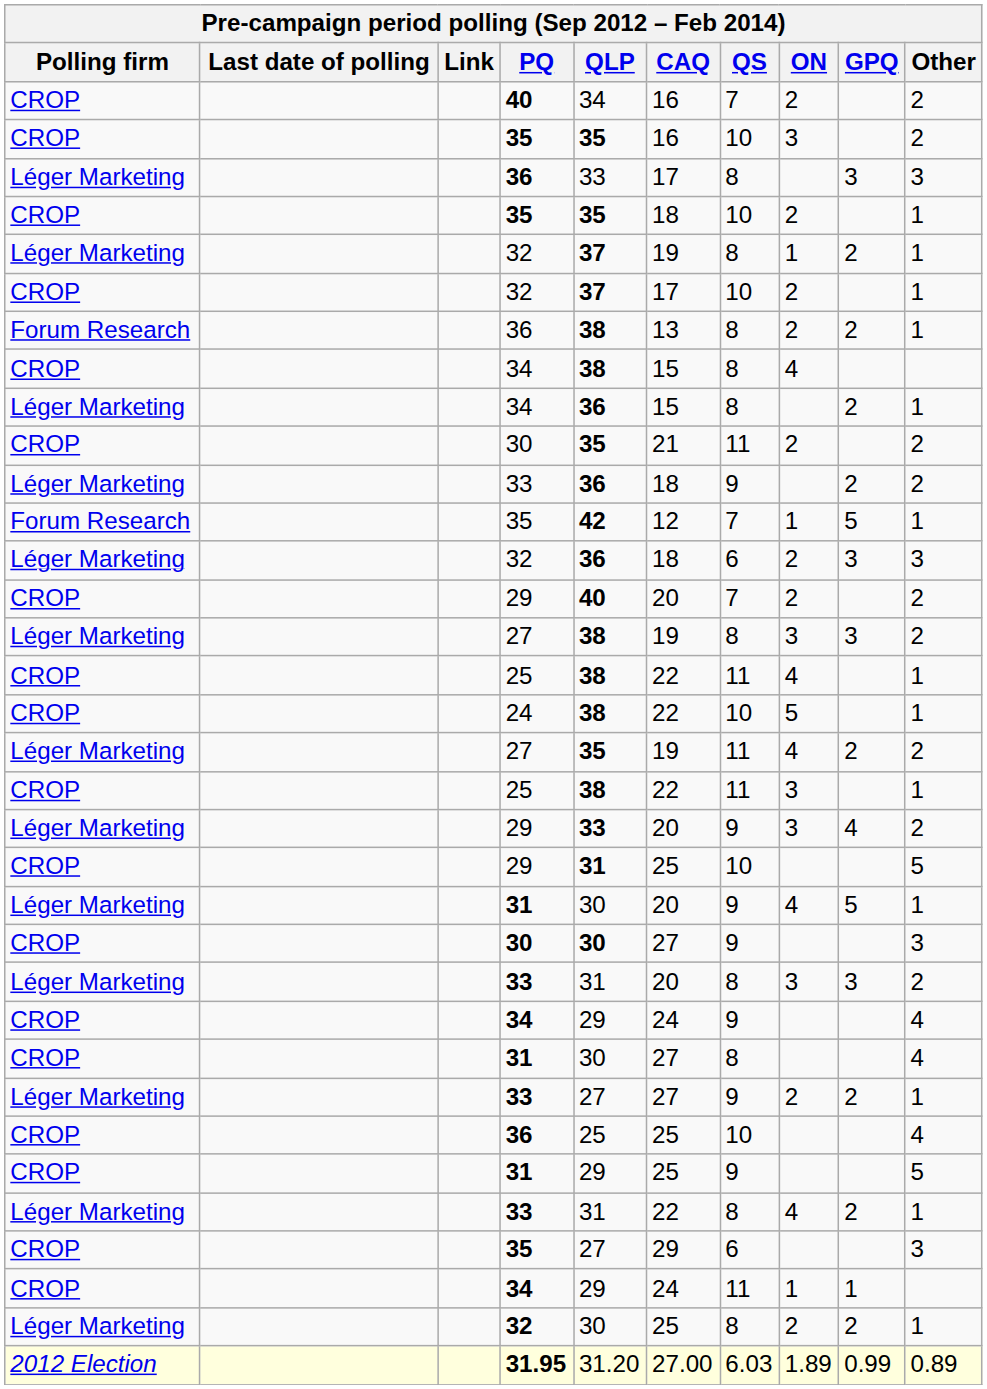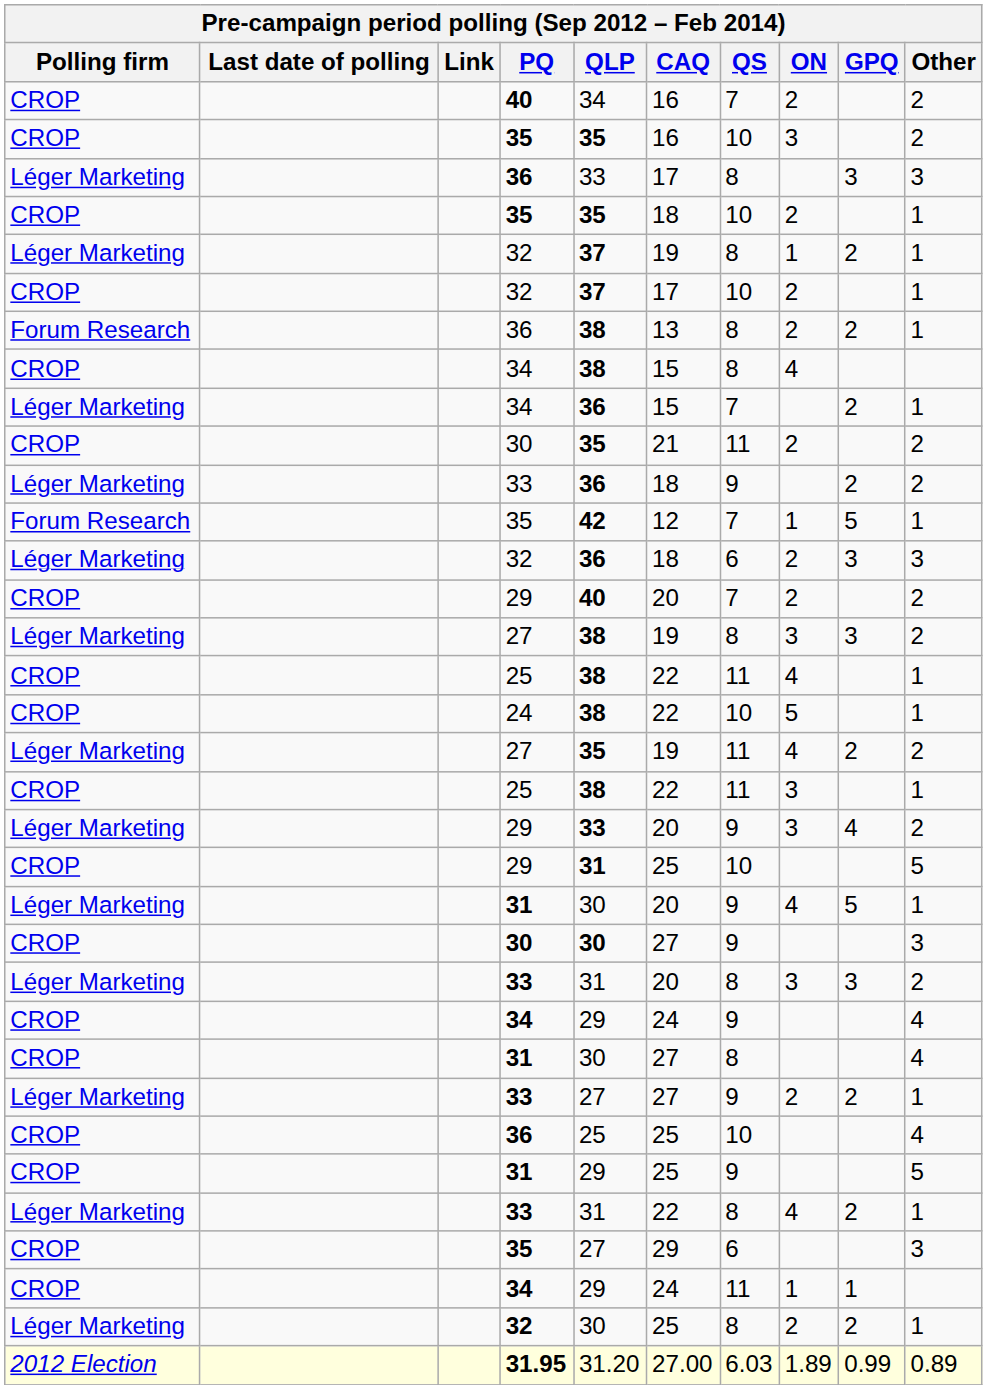 <table class="wikitable collapsible sortable collapsed">
 <tr style="background:#e9e9e9;">
 <th width=640px, colspan="10">Pre-campaign period polling (Sep 2012 – Feb 2014)</th>
 </tr>
 <tr style="background:#e9e9e9;">
 <th>Polling firm</th>
 <th>Last date of polling</th>
 <th class="unsortable">Link</th>
 <th style="background-color:"><a href='#'>PQ</a></th>
 <th style="background-color:"><a href='#'>QLP</a></th>
 <th style="background-color:"><a href='#'>CAQ</a></th>
 <th style="background-color:"><a href='#'>QS</a></th>
 <th style="background-color:"><a href='#'>ON</a></th>
 <th style="background-color:"><a href='#'>GPQ</a></th>
 <th style="background-color:">Other</th>
 </tr>
 <tr>
 <td><a href='#'>CROP</a></td>
 <td></td>
 <td></td>
 <td><strong>40</strong></td>
 <td>34</td>
 <td>16</td>
 <td>7</td>
 <td>2</td>
 <td></td>
 <td>2</td>
 </tr>
 <tr>
 <td><a href='#'>CROP</a></td>
 <td></td>
 <td></td>
 <td><strong>35</strong></td>
 <td><strong>35</strong></td>
 <td>16</td>
 <td>10</td>
 <td>3</td>
 <td></td>
 <td>2</td>
 </tr>
 <tr>
 <td><a href='#'>Léger Marketing</a></td>
 <td></td>
 <td></td>
 <td><strong>36</strong></td>
 <td>33</td>
 <td>17</td>
 <td>8</td>
 <td></td>
 <td>3</td>
 <td>3</td>
 </tr>
 <tr>
 <td><a href='#'>CROP</a></td>
 <td></td>
 <td></td>
 <td><strong>35</strong></td>
 <td><strong>35</strong></td>
 <td>18</td>
 <td>10</td>
 <td>2</td>
 <td></td>
 <td>1</td>
 </tr>
 <tr>
 <td><a href='#'>Léger Marketing</a></td>
 <td></td>
 <td></td>
 <td>32</td>
 <td><strong>37</strong></td>
 <td>19</td>
 <td>8</td>
 <td>1</td>
 <td>2</td>
 <td>1</td>
 </tr>
 <tr>
 <td><a href='#'>CROP</a></td>
 <td></td>
 <td></td>
 <td>32</td>
 <td><strong>37</strong></td>
 <td>17</td>
 <td>10</td>
 <td>2</td>
 <td></td>
 <td>1</td>
 </tr>
 <tr>
 <td><a href='#'>Forum Research</a></td>
 <td></td>
 <td></td>
 <td>36</td>
 <td><strong>38</strong></td>
 <td>13</td>
 <td>8</td>
 <td>2</td>
 <td>2</td>
 <td>1</td>
 </tr>
 <tr>
 <td><a href='#'>CROP</a></td>
 <td></td>
 <td></td>
 <td>34</td>
 <td><strong>38</strong></td>
 <td>15</td>
 <td>8</td>
 <td>4</td>
 <td></td>
 <td></td>
 </tr>
 <tr>
 <td><a href='#'>Léger Marketing</a></td>
 <td></td>
 <td></td>
 <td>34</td>
 <td><strong>36</strong></td>
 <td>15</td>
-<td>8</td>
+<td>7</td>
 <td></td>
 <td>2</td>
 <td>1</td>
 </tr>
 <tr>
 <td><a href='#'>CROP</a></td>
 <td></td>
 <td></td>
 <td>30</td>
 <td><strong>35</strong></td>
 <td>21</td>
 <td>11</td>
 <td>2</td>
 <td></td>
 <td>2</td>
 </tr>
 <tr>
 <td><a href='#'>Léger Marketing</a></td>
 <td></td>
 <td></td>
 <td>33</td>
 <td><strong>36</strong></td>
 <td>18</td>
 <td>9</td>
 <td></td>
 <td>2</td>
 <td>2</td>
 </tr>
 <tr>
 <td><a href='#'>Forum Research</a></td>
 <td></td>
 <td></td>
 <td>35</td>
 <td><strong>42</strong></td>
 <td>12</td>
 <td>7</td>
 <td>1</td>
 <td>5</td>
 <td>1</td>
 </tr>
 <tr>
 <td><a href='#'>Léger Marketing</a></td>
 <td></td>
 <td></td>
 <td>32</td>
 <td><strong>36</strong></td>
 <td>18</td>
 <td>6</td>
 <td>2</td>
 <td>3</td>
 <td>3</td>
 </tr>
 <tr>
 <td><a href='#'>CROP</a></td>
 <td></td>
 <td></td>
 <td>29</td>
 <td><strong>40</strong></td>
 <td>20</td>
 <td>7</td>
 <td>2</td>
 <td></td>
 <td>2</td>
 </tr>
 <tr>
 <td><a href='#'>Léger Marketing</a></td>
 <td></td>
 <td></td>
 <td>27</td>
 <td><strong>38</strong></td>
 <td>19</td>
 <td>8</td>
 <td>3</td>
 <td>3</td>
 <td>2</td>
 </tr>
 <tr>
 <td><a href='#'>CROP</a></td>
 <td></td>
 <td></td>
 <td>25</td>
 <td><strong>38</strong></td>
 <td>22</td>
 <td>11</td>
 <td>4</td>
 <td></td>
 <td>1</td>
 </tr>
 <tr>
 <td><a href='#'>CROP</a></td>
 <td></td>
 <td></td>
 <td>24</td>
 <td><strong>38</strong></td>
 <td>22</td>
 <td>10</td>
 <td>5</td>
 <td></td>
 <td>1</td>
 </tr>
 <tr>
 <td><a href='#'>Léger Marketing</a></td>
 <td></td>
 <td></td>
 <td>27</td>
 <td><strong>35</strong></td>
 <td>19</td>
 <td>11</td>
 <td>4</td>
 <td>2</td>
 <td>2</td>
 </tr>
 <tr>
 <td><a href='#'>CROP</a></td>
 <td></td>
 <td></td>
 <td>25</td>
 <td><strong>38</strong></td>
 <td>22</td>
 <td>11</td>
 <td>3</td>
 <td></td>
 <td>1</td>
 </tr>
 <tr>
 <td><a href='#'>Léger Marketing</a></td>
 <td></td>
 <td></td>
 <td>29</td>
 <td><strong>33</strong></td>
 <td>20</td>
 <td>9</td>
 <td>3</td>
 <td>4</td>
 <td>2</td>
 </tr>
 <tr>
 <td><a href='#'>CROP</a></td>
 <td></td>
 <td></td>
 <td>29</td>
 <td><strong>31</strong></td>
 <td>25</td>
 <td>10</td>
 <td></td>
 <td></td>
 <td>5</td>
 </tr>
 <tr>
 <td><a href='#'>Léger Marketing</a></td>
 <td></td>
 <td></td>
 <td><strong>31</strong></td>
 <td>30</td>
 <td>20</td>
 <td>9</td>
 <td>4</td>
 <td>5</td>
 <td>1</td>
 </tr>
 <tr>
 <td><a href='#'>CROP</a></td>
 <td></td>
 <td></td>
 <td><strong>30</strong></td>
 <td><strong>30</strong></td>
 <td>27</td>
 <td>9</td>
 <td></td>
 <td></td>
 <td>3</td>
 </tr>
 <tr>
 <td><a href='#'>Léger Marketing</a></td>
 <td></td>
 <td></td>
 <td><strong>33</strong></td>
 <td>31</td>
 <td>20</td>
 <td>8</td>
 <td>3</td>
 <td>3</td>
 <td>2</td>
 </tr>
 <tr>
 <td><a href='#'>CROP</a></td>
 <td></td>
 <td></td>
 <td><strong>34</strong></td>
 <td>29</td>
 <td>24</td>
 <td>9</td>
 <td></td>
 <td></td>
 <td>4</td>
 </tr>
 <tr>
 <td><a href='#'>CROP</a></td>
 <td></td>
 <td></td>
 <td><strong>31</strong></td>
 <td>30</td>
 <td>27</td>
 <td>8</td>
 <td></td>
 <td></td>
 <td>4</td>
 </tr>
 <tr>
 <td><a href='#'>Léger Marketing</a></td>
 <td></td>
 <td></td>
 <td><strong>33</strong></td>
 <td>27</td>
 <td>27</td>
 <td>9</td>
 <td>2</td>
 <td>2</td>
 <td>1</td>
 </tr>
 <tr>
 <td><a href='#'>CROP</a></td>
 <td></td>
 <td></td>
 <td><strong>36</strong></td>
 <td>25</td>
 <td>25</td>
 <td>10</td>
 <td></td>
 <td></td>
 <td>4</td>
 </tr>
 <tr>
 <td><a href='#'>CROP</a></td>
 <td></td>
 <td></td>
 <td><strong>31</strong></td>
 <td>29</td>
 <td>25</td>
 <td>9</td>
 <td></td>
 <td></td>
 <td>5</td>
 </tr>
 <tr>
 <td><a href='#'>Léger Marketing</a></td>
 <td></td>
 <td></td>
 <td><strong>33</strong></td>
 <td>31</td>
 <td>22</td>
 <td>8</td>
 <td>4</td>
 <td>2</td>
 <td>1</td>
 </tr>
 <tr>
 <td><a href='#'>CROP</a></td>
 <td></td>
 <td></td>
 <td><strong>35</strong></td>
 <td>27</td>
 <td>29</td>
 <td>6</td>
 <td></td>
 <td></td>
 <td>3</td>
 </tr>
 <tr>
 <td><a href='#'>CROP</a></td>
 <td></td>
 <td></td>
 <td><strong>34</strong></td>
 <td>29</td>
 <td>24</td>
 <td>11</td>
 <td>1</td>
 <td>1</td>
 <td></td>
 </tr>
 <tr>
 <td><a href='#'>Léger Marketing</a></td>
 <td></td>
 <td></td>
 <td><strong>32</strong></td>
 <td>30</td>
 <td>25</td>
 <td>8</td>
 <td>2</td>
 <td>2</td>
 <td>1</td>
 </tr>
 <tr>
 <td style="background:#ffd"><em><a href='#'>2012 Election</a></em></td>
 <td style="background:#ffd"></td>
 <td style="background:#ffd"></td>
 <td style="background:#ffd"><strong>31.95</strong></td>
 <td style="background:#ffd">31.20</td>
 <td style="background:#ffd">27.00</td>
 <td style="background:#ffd">6.03</td>
 <td style="background:#ffd">1.89</td>
 <td style="background:#ffd">0.99</td>
 <td style="background:#ffd">0.89</td>
 </tr>
 </table>
